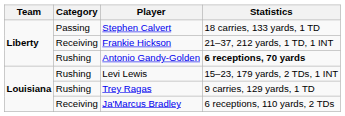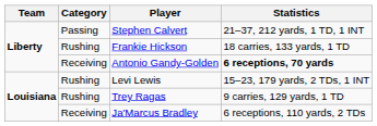 <table class="wikitable" style="float: left;">
 <tr>
 <th>Team</th>
 <th>Category</th>
 <th>Player</th>
 <th>Statistics</th>
 </tr>
 <tr>
 <td rowspan=3><strong>Liberty</strong></td>
 <td>Passing</td>
 <td><a href='#'>Stephen Calvert</a></td>
+<td>21–37, 212 yards, 1 TD, 1 INT</td>
+</tr>
+<tr>
+<td>Rushing</td>
+<td><a href='#'>Frankie Hickson</a></td>
 <td>18 carries, 133 yards, 1 TD</td>
 </tr>
 <tr>
 <td>Receiving</td>
-<td><a href='#'>Frankie Hickson</a></td>
-<td>21–37, 212 yards, 1 TD, 1 INT</td>
-</tr>
-<tr>
-<td>Rushing</td>
 <td><a href='#'>Antonio Gandy-Golden</a></td>
 <td><strong>6 receptions, 70 yards</strong></td>
 </tr>
 <tr>
 <td rowspan=3><strong>Louisiana</strong></td>
 <td>Rushing</td>
 <td>Levi Lewis</td>
 <td>15–23, 179 yards, 2 TDs, 1 INT</td>
 </tr>
 <tr>
 <td>Rushing</td>
 <td><a href='#'>Trey Ragas</a></td>
 <td>9 carries, 129 yards, 1 TD</td>
 </tr>
 <tr>
 <td>Receiving</td>
 <td><a href='#'>Ja'Marcus Bradley</a></td>
 <td>6 receptions, 110 yards, 2 TDs</td>
 </tr>
 </table>
